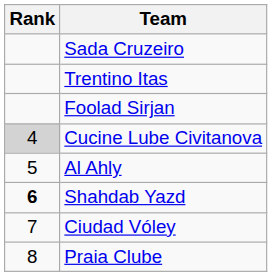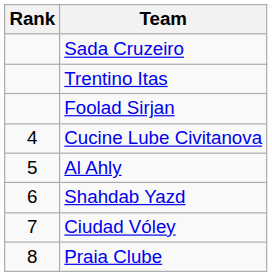 <table class="wikitable" style="text-align:center;">
 <tr>
 <th width=40>Rank</th>
 <th>Team</th>
 </tr>
 <tr>
 <td></td>
 <td style="text-align:left;"> <a href='#'>Sada Cruzeiro</a></td>
 </tr>
 <tr>
 <td></td>
 <td style="text-align:left;"> <a href='#'>Trentino Itas</a></td>
 </tr>
 <tr>
 <td></td>
 <td style="text-align:left;"> <a href='#'>Foolad Sirjan</a></td>
 </tr>
 <tr>
-<td style="background: lightgrey;">4</td>
+<td>4</td>
 <td style="text-align:left;"> <a href='#'>Cucine Lube Civitanova</a></td>
 </tr>
 <tr>
 <td>5</td>
 <td style="text-align:left;"> <a href='#'>Al Ahly</a></td>
 </tr>
 <tr>
-<td><strong>6</strong></td>
+<td>6</td>
 <td style="text-align:left;"> <a href='#'>Shahdab Yazd</a></td>
 </tr>
 <tr>
 <td>7</td>
 <td style="text-align:left;"> <a href='#'>Ciudad Vóley</a></td>
 </tr>
 <tr>
 <td>8</td>
 <td style="text-align:left;"> <a href='#'>Praia Clube</a></td>
 </tr>
 </table>
